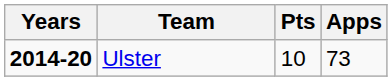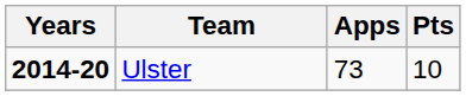 <table class="wikitable" style="text-align:left;">
 <tr>
 <th>Years</th>
 <th width=120px>Team</th>
+<th>Apps</th>
 <th>Pts</th>
-<th>Apps</th>
 </tr>
 <tr>
 <td><strong>2014-20</strong></td>
 <td><a href='#'>Ulster</a></td>
+<td>73</td>
 <td>10</td>
-<td>73</td>
 </tr>
 </table>
